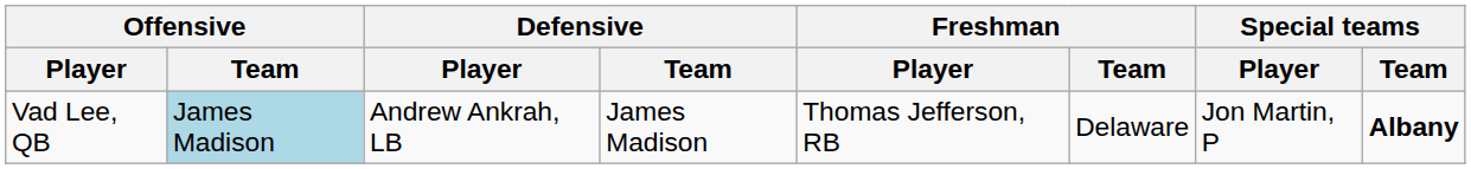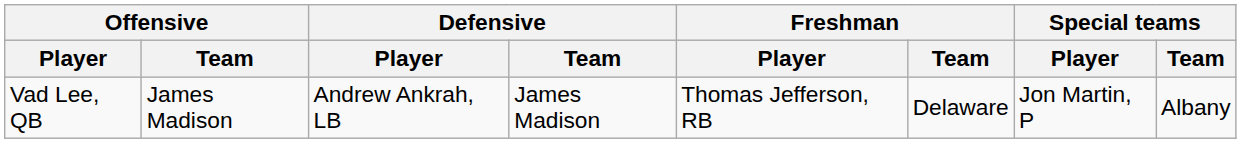 <table class="wikitable" border="1">
 <tr>
 <th colspan="2">Offensive</th>
 <th colspan="2">Defensive</th>
 <th colspan="2">Freshman</th>
 <th colspan="2">Special teams</th>
 </tr>
 <tr>
 <th>Player</th>
 <th>Team</th>
 <th>Player</th>
 <th>Team</th>
 <th>Player</th>
 <th>Team</th>
 <th>Player</th>
 <th>Team</th>
 </tr>
 <tr>
 <td>Vad Lee, QB</td>
-<td style="background: lightblue;">James Madison</td>
+<td>James Madison</td>
 <td>Andrew Ankrah, LB</td>
 <td>James Madison</td>
 <td>Thomas Jefferson, RB</td>
 <td>Delaware</td>
 <td>Jon Martin, P</td>
-<td><strong>Albany</strong></td>
+<td>Albany</td>
 </tr>
 </table>
